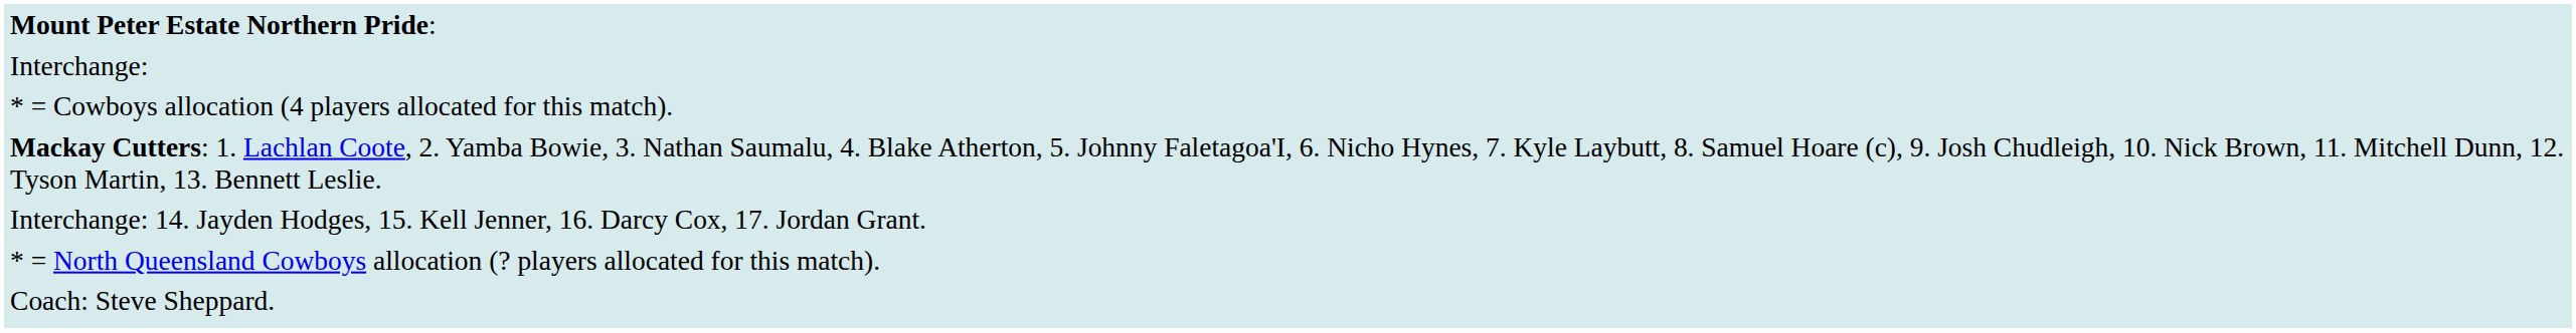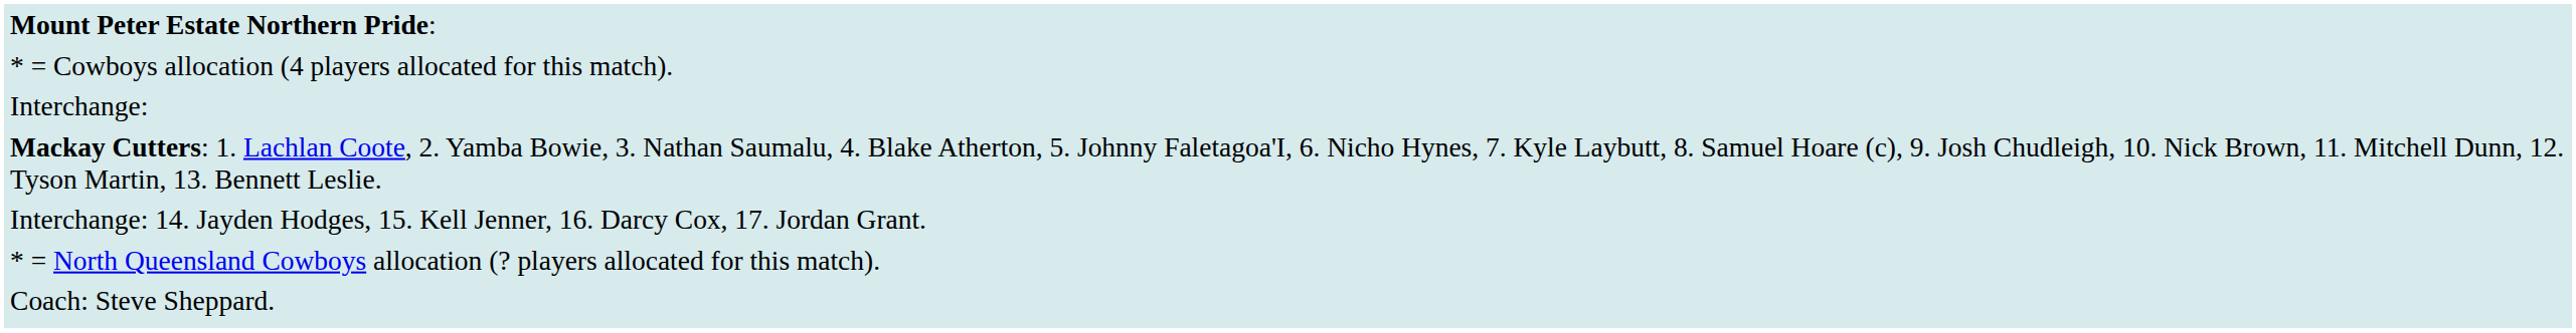 <table style="background:#d7ebed; font-size:85%; width:100%;">
 <tr>
 <td><strong>Mount Peter Estate Northern Pride</strong>:             </td>
 </tr>
 <tr>
-<td>Interchange:    </td>
+<td>* = Cowboys allocation (4 players allocated for this match).</td>
 </tr>
 <tr>
-<td>* = Cowboys allocation (4 players allocated for this match).</td>
+<td>Interchange:    </td>
 </tr>
 <tr>
 <td><strong>Mackay Cutters</strong>: 1. <a href='#'>Lachlan Coote</a>, 2. Yamba Bowie, 3. Nathan Saumalu, 4. Blake Atherton, 5. Johnny Faletagoa'I, 6. Nicho Hynes, 7. Kyle Laybutt, 8. Samuel Hoare (c), 9. Josh Chudleigh, 10. Nick Brown, 11. Mitchell Dunn, 12. Tyson Martin, 13. Bennett Leslie.</td>
 </tr>
 <tr>
 <td>Interchange: 14. Jayden Hodges, 15. Kell Jenner, 16. Darcy Cox, 17. Jordan Grant.</td>
 </tr>
 <tr>
 <td>* = <a href='#'>North Queensland Cowboys</a> allocation (? players allocated for this match).</td>
 </tr>
 <tr>
 <td>Coach: Steve Sheppard.</td>
 </tr>
 <tr>
 </tr>
 </table>
